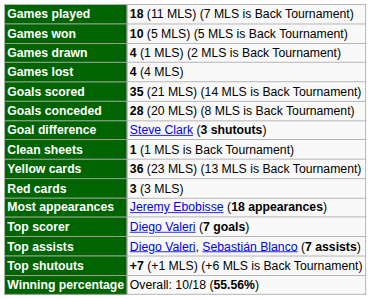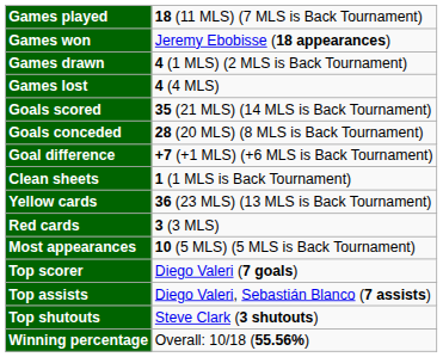 <table class="wikitable sortable" style="font-size: 90%;">
 <tr>
 <td style="background:darkgreen; color:white;"><strong>Games played</strong></td>
 <td><strong>18</strong> (11 MLS) (7 MLS is Back Tournament)</td>
 </tr>
 <tr>
 <td style="background:darkgreen; color:white;"><strong>Games won</strong></td>
-<td><strong>10</strong> (5 MLS) (5 MLS is Back Tournament)</td>
+<td><a href='#'>Jeremy Ebobisse</a> (<strong>18 appearances</strong>)</td>
 </tr>
 <tr>
 <td style="background:darkgreen; color:white;"><strong>Games drawn</strong></td>
 <td><strong>4</strong> (1 MLS) (2 MLS is Back Tournament)</td>
 </tr>
 <tr>
 <td style="background:darkgreen; color:white;"><strong>Games lost</strong></td>
 <td><strong>4</strong> (4 MLS)</td>
 </tr>
 <tr>
 <td style="background:darkgreen; color:white;"><strong>Goals scored</strong></td>
 <td><strong>35</strong> (21 MLS) (14 MLS is Back Tournament)</td>
 </tr>
 <tr>
 <td style="background:darkgreen; color:white;"><strong>Goals conceded</strong></td>
 <td><strong>28</strong> (20 MLS) (8 MLS is Back Tournament)</td>
 </tr>
 <tr>
 <td style="background:darkgreen; color:white"><strong>Goal difference</strong></td>
-<td><a href='#'>Steve Clark</a> (<strong>3 shutouts</strong>)</td>
+<td><strong>+7</strong> (+1 MLS) (+6 MLS is Back Tournament)</td>
 </tr>
 <tr>
 <td style="background:darkgreen; color:white;"><strong>Clean sheets</strong></td>
 <td><strong>1</strong>  (1 MLS is Back Tournament)</td>
 </tr>
 <tr>
 <td style="background:darkgreen; color:white;"><strong>Yellow cards</strong></td>
 <td><strong>36</strong> (23 MLS) (13 MLS is Back Tournament)</td>
 </tr>
 <tr>
 <td style="background:darkgreen; color:white;"><strong>Red cards</strong></td>
 <td><strong>3</strong> (3 MLS)</td>
 </tr>
 <tr>
 <td style="background:darkgreen; color:white;"><strong>Most appearances</strong></td>
-<td><a href='#'>Jeremy Ebobisse</a> (<strong>18 appearances</strong>)</td>
+<td><strong>10</strong> (5 MLS) (5 MLS is Back Tournament)</td>
 </tr>
 <tr>
 <td style="background:darkgreen; color:white;"><strong>Top scorer</strong></td>
 <td><a href='#'>Diego Valeri</a> (<strong>7 goals</strong>)</td>
 </tr>
 <tr>
 <td style="background:darkgreen; color:white;"><strong>Top assists</strong></td>
 <td><a href='#'>Diego Valeri</a>, <a href='#'>Sebastián Blanco</a> (<strong>7 assists</strong>)</td>
 </tr>
 <tr>
 <td style="background:darkgreen; color:white;"><strong>Top shutouts</strong></td>
-<td><strong>+7</strong> (+1 MLS) (+6 MLS is Back Tournament)</td>
+<td><a href='#'>Steve Clark</a> (<strong>3 shutouts</strong>)</td>
 </tr>
 <tr>
 <td style="background:darkgreen; color:white;"><strong>Winning percentage</strong></td>
 <td>Overall: 10/18 (<strong>55.56%</strong>)</td>
 </tr>
 </table>
